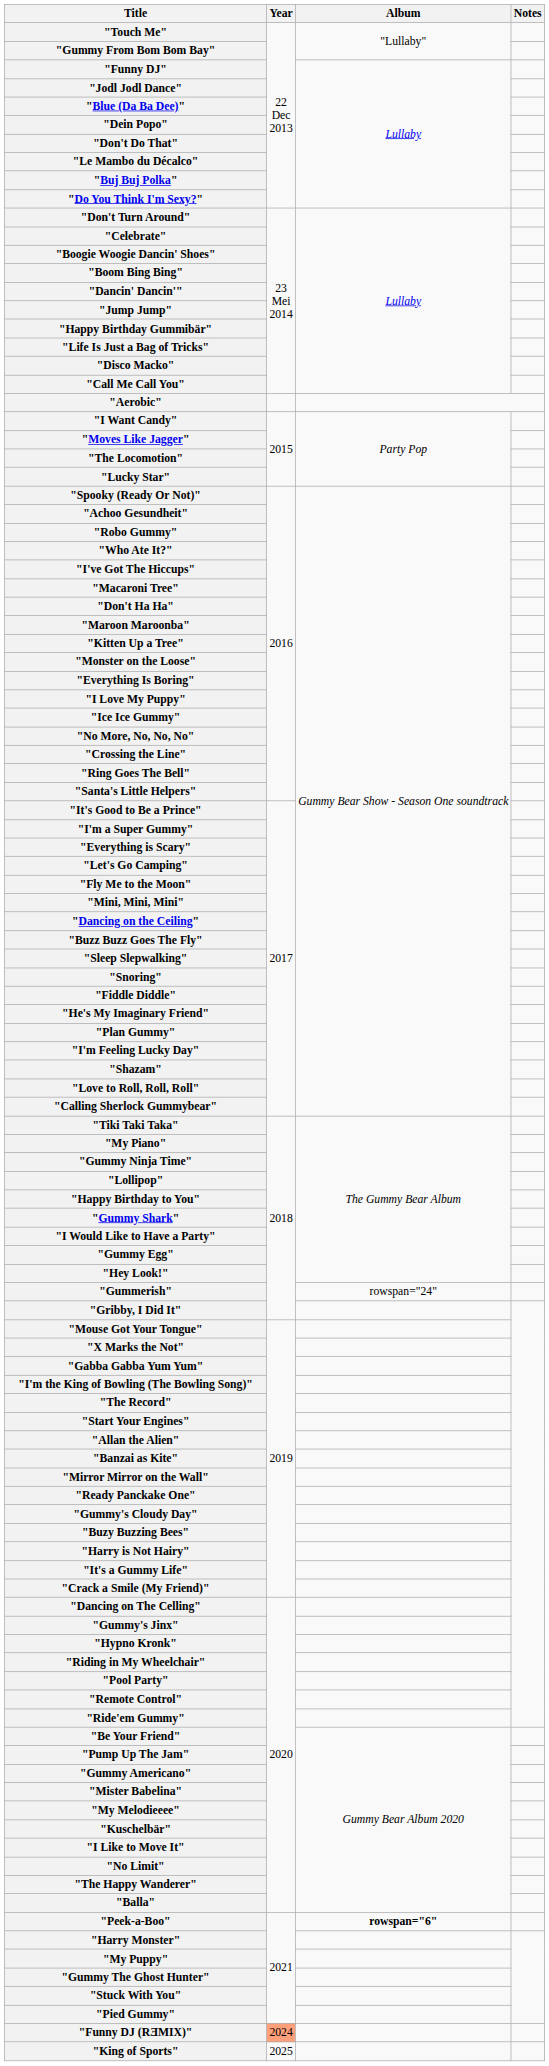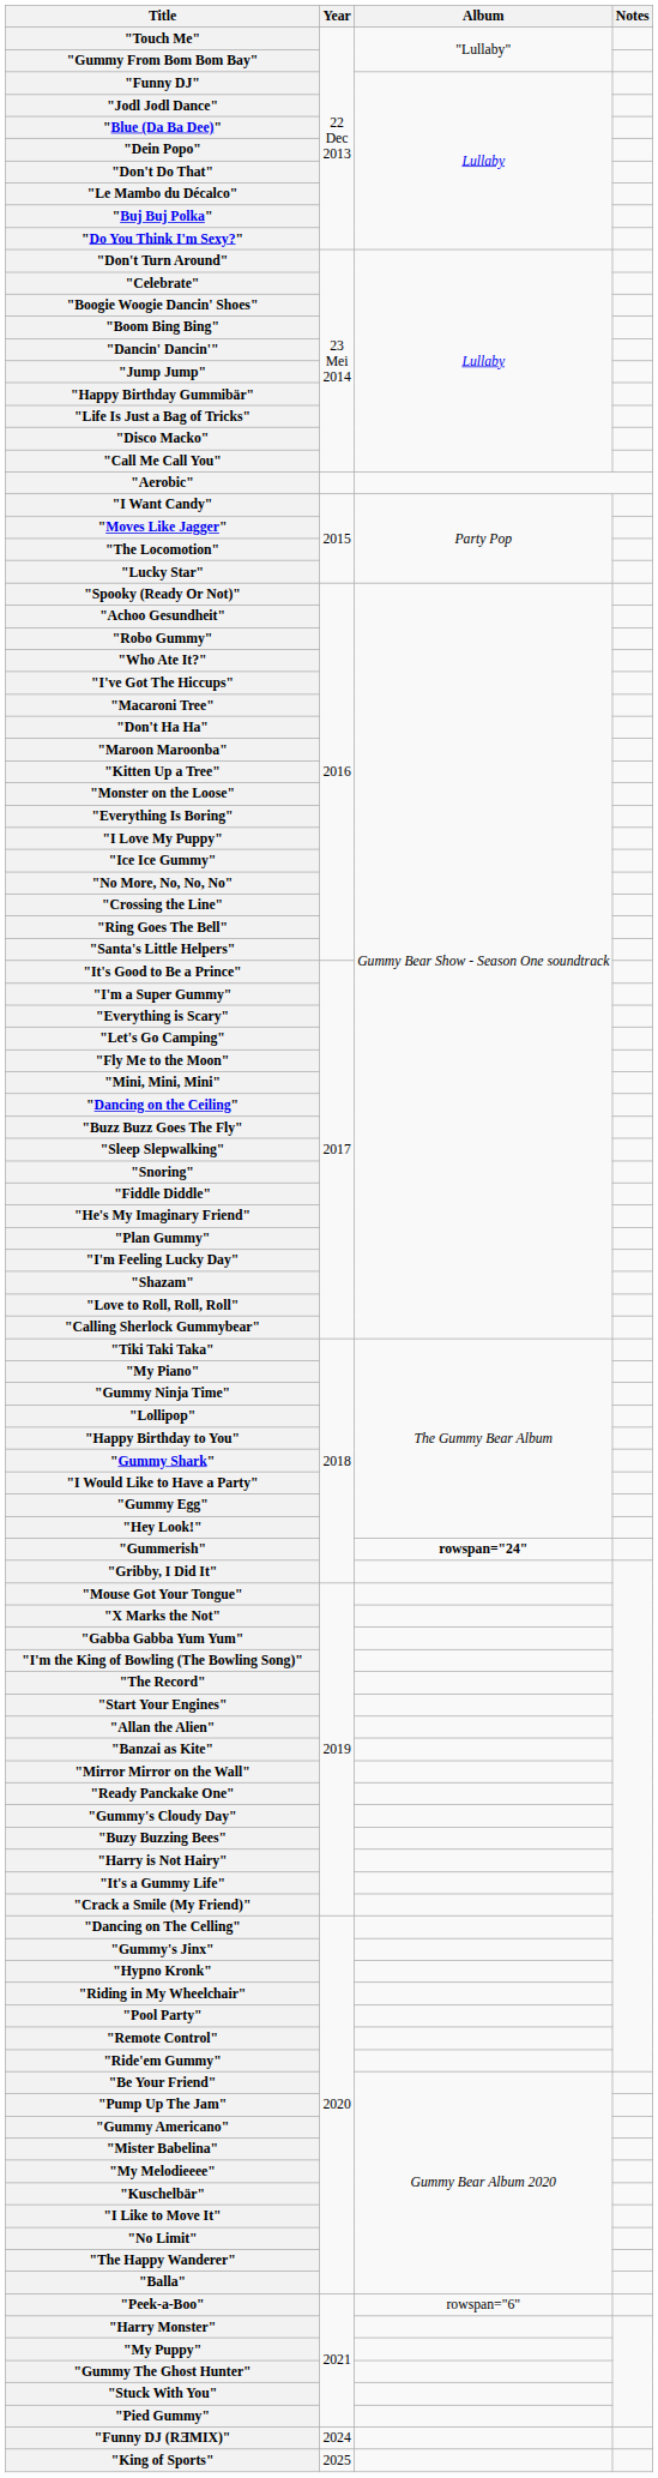 <table class="wikitable plainrowheaders" style="text-align:center;">
 <tr>
 <th scope="col" style="width:22em;">Title</th>
 <th scope="col" style="width:1em;">Year</th>
 <th scope="col">Album</th>
 <th scope="col">Notes</th>
 </tr>
 <tr>
 <th scope="row">"Touch Me"</th>
 <td rowspan="10">22 Dec 2013</td>
 <td rowspan="2">"Lullaby"</td>
 <td></td>
 </tr>
 <tr>
 <th scope="row">"Gummy From Bom Bom Bay"</th>
 <td></td>
 </tr>
 <tr>
 <th scope="row">"Funny DJ"</th>
 <td rowspan="8"><em><a href='#'>Lullaby</a></em></td>
 <td></td>
 </tr>
 <tr>
 <th scope="row">"Jodl Jodl Dance"</th>
 <td></td>
 </tr>
 <tr>
 <th scope="row">"<a href='#'>Blue (Da Ba Dee)</a>"</th>
 <td></td>
 </tr>
 <tr>
 <th scope="row">"Dein Popo"</th>
 <td></td>
 </tr>
 <tr>
 <th scope="row">"Don't Do That"</th>
 <td></td>
 </tr>
 <tr>
 <th scope="row">"Le Mambo du Décalco"</th>
 <td></td>
 </tr>
 <tr>
 <th scope="row">"<a href='#'>Buj Buj Polka</a>"</th>
 <td></td>
 </tr>
 <tr>
 <th scope="row">"<a href='#'>Do You Think I'm Sexy?</a>"</th>
 <td></td>
 </tr>
 <tr>
 <th scope="row">"Don't Turn Around"</th>
 <td rowspan="10">23 Mei 2014</td>
 <td rowspan="10"><em><a href='#'>Lullaby</a></em></td>
 <td></td>
 </tr>
 <tr>
 <th scope="row">"Celebrate"</th>
 <td></td>
 </tr>
 <tr>
 <th scope="row">"Boogie Woogie Dancin' Shoes"</th>
 <td></td>
 </tr>
 <tr>
 <th scope="row">"Boom Bing Bing"</th>
 <td></td>
 </tr>
 <tr>
 <th scope="row">"Dancin' Dancin'"</th>
 <td></td>
 </tr>
 <tr>
 <th scope="row">"Jump Jump"</th>
 <td></td>
 </tr>
 <tr>
 <th scope="row">"Happy Birthday Gummibär"</th>
 <td></td>
 </tr>
 <tr>
 <th scope="row">"Life Is Just a Bag of Tricks"</th>
 <td></td>
 </tr>
 <tr>
 <th scope="row">"Disco Macko"</th>
 <td></td>
 </tr>
 <tr>
 <th scope="row">"Call Me Call You"</th>
 <td></td>
 </tr>
 <tr>
 <th scope="row">"Aerobic"</th>
 <td></td>
 </tr>
 <tr>
 <th scope="row">"I Want Candy"</th>
 <td rowspan="4">2015</td>
 <td rowspan="4"><em>Party Pop</em></td>
 <td></td>
 </tr>
 <tr>
 <th scope="row">"<a href='#'>Moves Like Jagger</a>"</th>
 <td></td>
 </tr>
 <tr>
 <th scope="row">"The Locomotion"</th>
 <td></td>
 </tr>
 <tr>
 <th scope="row">"Lucky Star"</th>
 <td></td>
 </tr>
 <tr>
 <th scope="row">"Spooky (Ready Or Not)"</th>
 <td rowspan="17">2016</td>
 <td rowspan="34"><em>Gummy Bear Show - Season One soundtrack</em></td>
 <td></td>
 </tr>
 <tr>
 <th scope="row">"Achoo Gesundheit"</th>
 <td></td>
 </tr>
 <tr>
 <th scope="row">"Robo Gummy"</th>
 <td></td>
 </tr>
 <tr>
 <th scope="row">"Who Ate It?"</th>
 <td></td>
 </tr>
 <tr>
 <th scope="row">"I've Got The Hiccups"</th>
 <td></td>
 </tr>
 <tr>
 <th scope="row">"Macaroni Tree"</th>
 <td></td>
 </tr>
 <tr>
 <th scope="row">"Don't Ha Ha"</th>
 <td></td>
 </tr>
 <tr>
 <th scope="row">"Maroon Maroonba"</th>
 <td></td>
 </tr>
 <tr>
 <th scope="row">"Kitten Up a Tree"</th>
 <td></td>
 </tr>
 <tr>
 <th scope="row">"Monster on the Loose"</th>
 <td></td>
 </tr>
 <tr>
 <th scope="row">"Everything Is Boring"</th>
 <td></td>
 </tr>
 <tr>
 <th scope="row">"I Love My Puppy"</th>
 <td></td>
 </tr>
 <tr>
 <th scope="row">"Ice Ice Gummy"</th>
 <td></td>
 </tr>
 <tr>
 <th scope="row">"No More, No, No, No"</th>
 <td></td>
 </tr>
 <tr>
 <th scope="row">"Crossing the Line"</th>
 <td></td>
 </tr>
 <tr>
 <th scope="row">"Ring Goes The Bell"</th>
 <td></td>
 </tr>
 <tr>
 <th scope="row">"Santa's Little Helpers"</th>
 <td></td>
 </tr>
 <tr>
 <th scope="row">"It's Good to Be a Prince"</th>
 <td rowspan="17">2017</td>
 <td></td>
 </tr>
 <tr>
 <th scope="row">"I'm a Super Gummy"</th>
 <td></td>
 </tr>
 <tr>
 <th scope="row">"Everything is Scary"</th>
 <td></td>
 </tr>
 <tr>
 <th scope="row">"Let's Go Camping"</th>
 <td></td>
 </tr>
 <tr>
 <th scope="row">"Fly Me to the Moon"</th>
 <td></td>
 </tr>
 <tr>
 <th scope="row">"Mini, Mini, Mini"</th>
 <td></td>
 </tr>
 <tr>
 <th scope="row">"<a href='#'>Dancing on the Ceiling</a>"</th>
 <td></td>
 </tr>
 <tr>
 <th scope="row">"Buzz Buzz Goes The Fly"</th>
 <td></td>
 </tr>
 <tr>
 <th scope="row">"Sleep Slepwalking"</th>
 <td></td>
 </tr>
 <tr>
 <th scope="row">"Snoring"</th>
 <td></td>
 </tr>
 <tr>
 <th scope="row">"Fiddle Diddle"</th>
 <td></td>
 </tr>
 <tr>
 <th scope="row">"He's My Imaginary Friend"</th>
 <td></td>
 </tr>
 <tr>
 <th scope="row">"Plan Gummy"</th>
 <td></td>
 </tr>
 <tr>
 <th scope="row">"I'm Feeling Lucky Day"</th>
 <td></td>
 </tr>
 <tr>
 <th scope="row">"Shazam"</th>
 <td></td>
 </tr>
 <tr>
 <th scope="row">"Love to Roll, Roll, Roll"</th>
 <td></td>
 </tr>
 <tr>
 <th scope="row">"Calling Sherlock Gummybear"</th>
 <td></td>
 </tr>
 <tr>
 <th scope="row">"Tiki Taki Taka"</th>
 <td rowspan="11">2018</td>
 <td rowspan="9"><em>The Gummy Bear Album</em></td>
 <td></td>
 </tr>
 <tr>
 <th scope="row">"My Piano"</th>
 <td></td>
 </tr>
 <tr>
 <th scope="row">"Gummy Ninja Time"</th>
 <td></td>
 </tr>
 <tr>
 <th scope="row">"Lollipop"</th>
 <td></td>
 </tr>
 <tr>
 <th scope="row">"Happy Birthday to You"</th>
 <td></td>
 </tr>
 <tr>
 <th scope="row">"<a href='#'>Gummy Shark</a>"</th>
 <td></td>
 </tr>
 <tr>
 <th scope="row">"I Would Like to Have a Party"</th>
 <td></td>
 </tr>
 <tr>
 <th scope="row">"Gummy Egg"</th>
 <td></td>
 </tr>
 <tr>
 <th scope="row">"Hey Look!"</th>
 <td></td>
 </tr>
 <tr>
 <th scope="row">"Gummerish"</th>
-<td>rowspan="24" </td>
+<td><strong>rowspan="24" </strong></td>
 <td></td>
 </tr>
 <tr>
 <th scope="row">"Gribby, I Did It"</th>
 <td></td>
 </tr>
 <tr>
 <th scope="row">"Mouse Got Your Tongue"</th>
 <td rowspan="15">2019</td>
 <td></td>
 </tr>
 <tr>
 <th scope="row">"X Marks the Not"</th>
 <td></td>
 </tr>
 <tr>
 <th scope="row">"Gabba Gabba Yum Yum"</th>
 <td></td>
 </tr>
 <tr>
 <th scope="row">"I'm the King of Bowling (The Bowling Song)"</th>
 <td></td>
 </tr>
 <tr>
 <th scope="row">"The Record"</th>
 <td></td>
 </tr>
 <tr>
 <th scope="row">"Start Your Engines"</th>
 <td></td>
 </tr>
 <tr>
 <th scope="row">"Allan the Alien"</th>
 <td></td>
 </tr>
 <tr>
 <th scope="row">"Banzai as Kite"</th>
 <td></td>
 </tr>
 <tr>
 <th scope="row">"Mirror Mirror on the Wall"</th>
 <td></td>
 </tr>
 <tr>
 <th scope="row">"Ready Panckake One"</th>
 <td></td>
 </tr>
 <tr>
 <th scope="row">"Gummy's Cloudy Day"</th>
 <td></td>
 </tr>
 <tr>
 <th scope="row">"Buzy Buzzing Bees"</th>
 <td></td>
 </tr>
 <tr>
 <th scope="row">"Harry is Not Hairy"</th>
 <td></td>
 </tr>
 <tr>
 <th scope="row">"It's a Gummy Life"</th>
 <td></td>
 </tr>
 <tr>
 <th scope="row">"Crack a Smile (My Friend)"</th>
 <td></td>
 </tr>
 <tr>
 <th scope="row">"Dancing on The Celling"</th>
 <td rowspan="17">2020</td>
 <td></td>
 </tr>
 <tr>
 <th scope="row">"Gummy's Jinx"</th>
 <td></td>
 </tr>
 <tr>
 <th scope="row">"Hypno Kronk"</th>
 <td></td>
 </tr>
 <tr>
 <th scope="row">"Riding in My Wheelchair"</th>
 <td></td>
 </tr>
 <tr>
 <th scope="row">"Pool Party"</th>
 <td></td>
 </tr>
 <tr>
 <th scope="row">"Remote Control"</th>
 <td></td>
 </tr>
 <tr>
 <th scope="row">"Ride'em Gummy"</th>
 <td></td>
 </tr>
 <tr>
 <th scope="row">"Be Your Friend"</th>
 <td rowspan="10"><em>Gummy Bear Album 2020</em></td>
 <td></td>
 </tr>
 <tr>
 <th scope="row">"Pump Up The Jam"</th>
 <td></td>
 </tr>
 <tr>
 <th scope="row">"Gummy Americano"</th>
 <td></td>
 </tr>
 <tr>
 <th scope="row">"Mister Babelina"</th>
 <td></td>
 </tr>
 <tr>
 <th scope="row">"My Melodieeee"</th>
 <td></td>
 </tr>
 <tr>
 <th scope="row">"Kuschelbär"</th>
 <td></td>
 </tr>
 <tr>
 <th scope="row">"I Like to Move It"</th>
 <td></td>
 </tr>
 <tr>
 <th scope="row">"No Limit"</th>
 <td></td>
 </tr>
 <tr>
 <th scope="row">"The Happy Wanderer"</th>
 <td></td>
 </tr>
 <tr>
 <th scope="row">"Balla"</th>
 <td></td>
 </tr>
 <tr>
 <th scope="row">"Peek-a-Boo"</th>
 <td rowspan="6">2021</td>
-<td><strong>rowspan="6" </strong></td>
+<td>rowspan="6" </td>
 <td></td>
 </tr>
 <tr>
 <th scope="row">"Harry Monster"</th>
 <td></td>
 </tr>
 <tr>
 <th scope="row">"My Puppy"</th>
 <td></td>
 </tr>
 <tr>
 <th scope="row">"Gummy The Ghost Hunter"</th>
 <td></td>
 </tr>
 <tr>
 <th scope="row">"Stuck With You"</th>
 <td></td>
 </tr>
 <tr>
 <th scope="row">"Pied Gummy"</th>
 <td></td>
 </tr>
 <tr>
 <th scope="row">"Funny DJ (RƎMIX)"</th>
-<td style="background: lightsalmon;">2024</td>
+<td>2024</td>
 <td></td>
 <td></td>
 </tr>
 <tr>
 <th scope="row">"King of Sports"</th>
 <td rowspan="6">2025</td>
 <td rowspan="6"></td>
 <td></td>
 </tr>
 </table>
